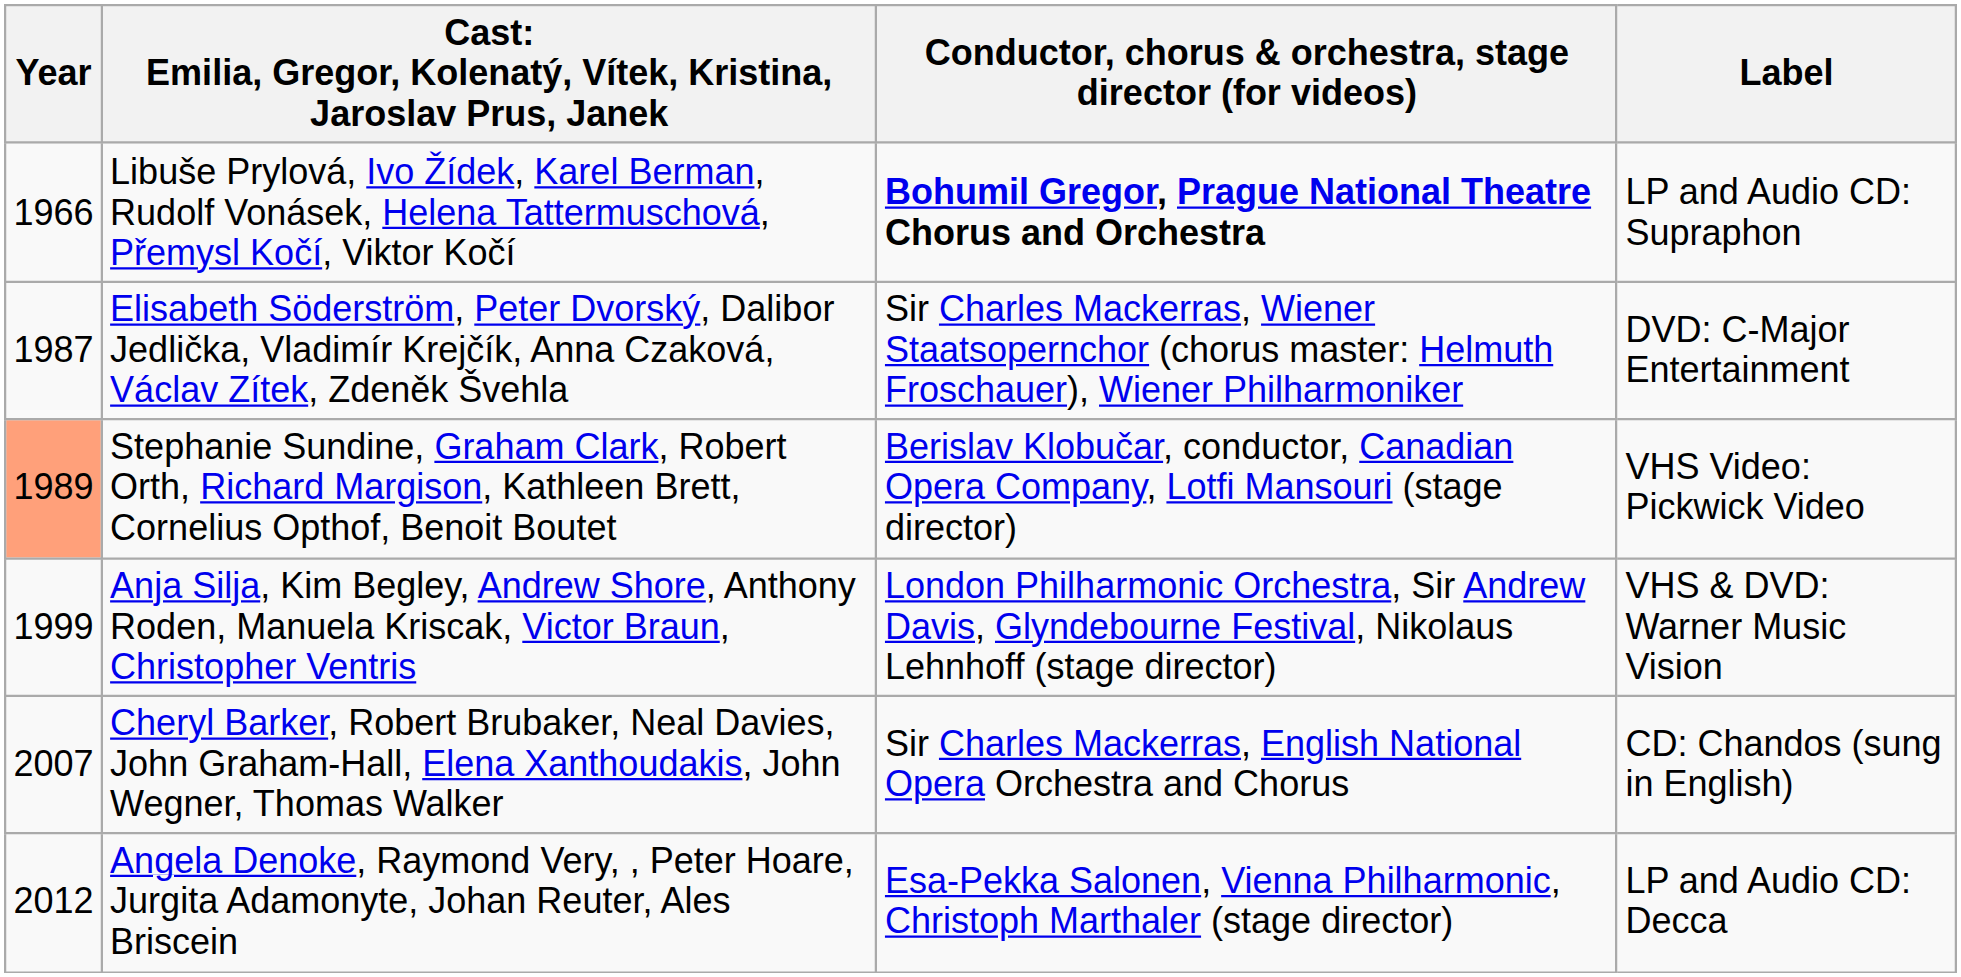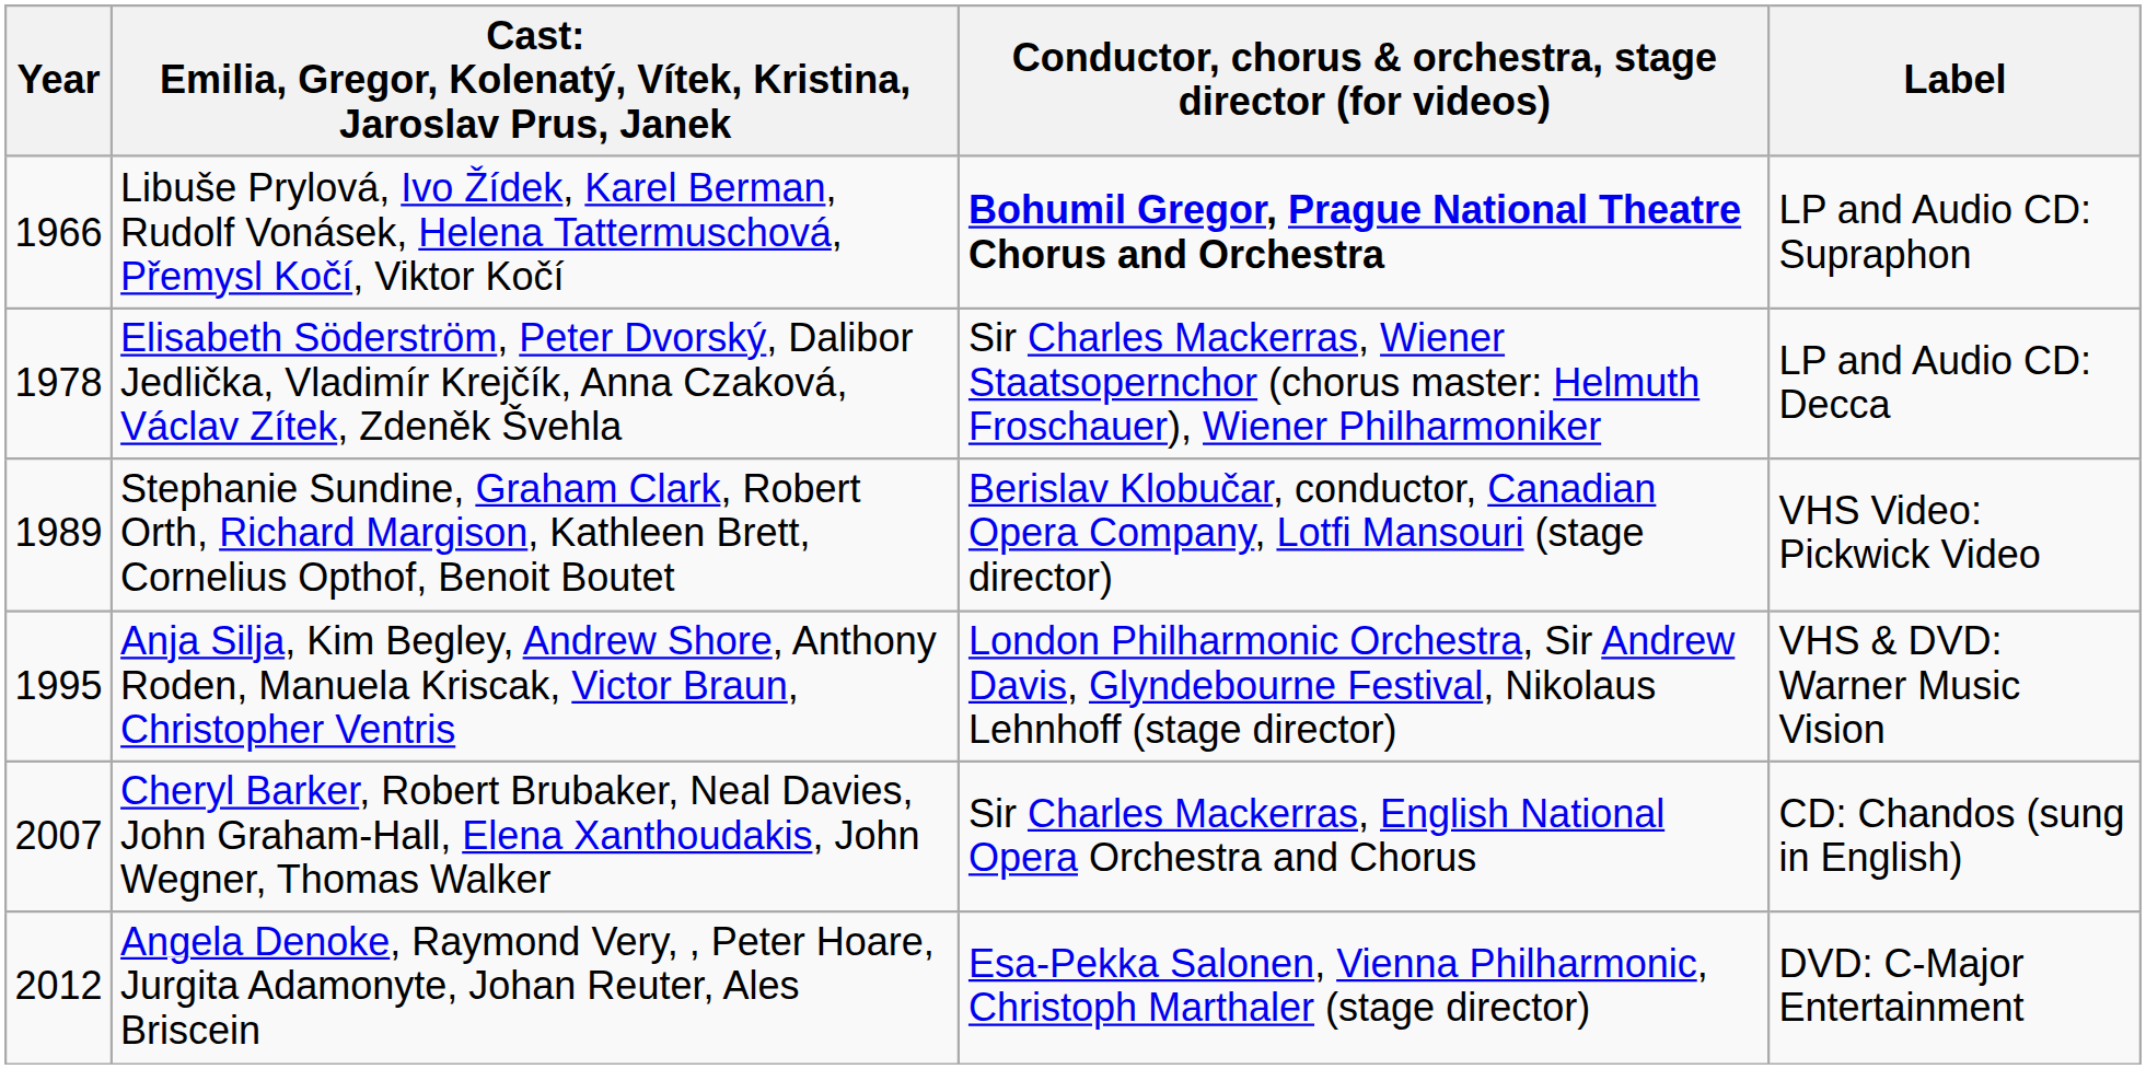 <table class="wikitable">
 <tr>
 <th>Year</th>
 <th>Cast:<br>Emilia, Gregor, Kolenatý, Vítek, Kristina, Jaroslav Prus, Janek</th>
 <th>Conductor, chorus & orchestra, stage director (for videos)</th>
 <th>Label</th>
 </tr>
 <tr>
 <td>1966</td>
 <td>Libuše Prylová, <a href='#'>Ivo Žídek</a>, <a href='#'>Karel Berman</a>, Rudolf Vonásek, <a href='#'>Helena Tattermuschová</a>, <a href='#'>Přemysl Kočí</a>, Viktor Kočí</td>
 <td><strong><a href='#'>Bohumil Gregor</a>, <a href='#'>Prague National Theatre</a> Chorus and Orchestra</strong></td>
 <td>LP and Audio CD: Supraphon</td>
 </tr>
 <tr>
-<td>1987</td>
+<td>1978</td>
 <td><a href='#'>Elisabeth Söderström</a>, <a href='#'>Peter Dvorský</a>, Dalibor Jedlička, Vladimír Krejčík, Anna Czaková, <a href='#'>Václav Zítek</a>, Zdeněk Švehla</td>
 <td>Sir <a href='#'>Charles Mackerras</a>, <a href='#'>Wiener Staatsopernchor</a> (chorus master: <a href='#'>Helmuth Froschauer</a>), <a href='#'>Wiener Philharmoniker</a></td>
-<td>DVD: C-Major Entertainment</td>
+<td>LP and Audio CD: Decca</td>
 </tr>
 <tr>
-<td style="background: lightsalmon;">1989</td>
+<td>1989</td>
 <td>Stephanie Sundine, <a href='#'>Graham Clark</a>, Robert Orth, <a href='#'>Richard Margison</a>, Kathleen Brett, Cornelius Opthof, Benoit Boutet</td>
 <td><a href='#'>Berislav Klobučar</a>, conductor, <a href='#'>Canadian Opera Company</a>, <a href='#'>Lotfi Mansouri</a> (stage director)</td>
 <td>VHS Video: Pickwick Video</td>
 </tr>
 <tr>
-<td>1999</td>
+<td>1995</td>
 <td><a href='#'>Anja Silja</a>, Kim Begley, <a href='#'>Andrew Shore</a>, Anthony Roden, Manuela Kriscak, <a href='#'>Victor Braun</a>, <a href='#'>Christopher Ventris</a></td>
 <td><a href='#'>London Philharmonic Orchestra</a>, Sir <a href='#'>Andrew Davis</a>, <a href='#'>Glyndebourne Festival</a>, Nikolaus Lehnhoff (stage director)</td>
 <td>VHS & DVD: Warner Music Vision</td>
 </tr>
 <tr>
 <td>2007</td>
 <td><a href='#'>Cheryl Barker</a>, Robert Brubaker, Neal Davies, John Graham-Hall, <a href='#'>Elena Xanthoudakis</a>, John Wegner, Thomas Walker</td>
 <td>Sir <a href='#'>Charles Mackerras</a>, <a href='#'>English National Opera</a> Orchestra and Chorus</td>
 <td>CD: Chandos (sung in English)</td>
 </tr>
 <tr>
 <td>2012</td>
 <td><a href='#'>Angela Denoke</a>, Raymond Very, , Peter Hoare, Jurgita Adamonyte, Johan Reuter, Ales Briscein</td>
 <td><a href='#'>Esa-Pekka Salonen</a>, <a href='#'>Vienna Philharmonic</a>, <a href='#'>Christoph Marthaler</a> (stage director)</td>
-<td>LP and Audio CD: Decca</td>
+<td>DVD: C-Major Entertainment</td>
 </tr>
 </table>
